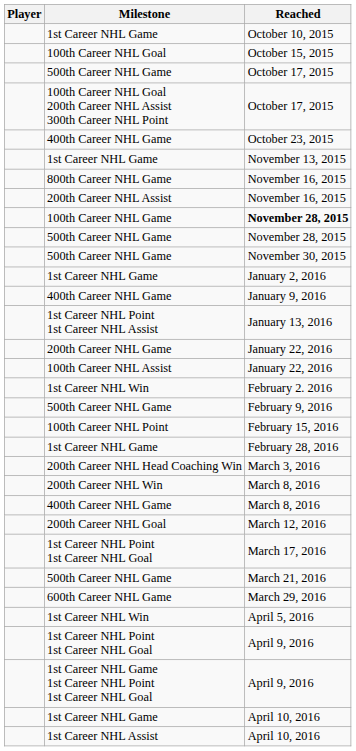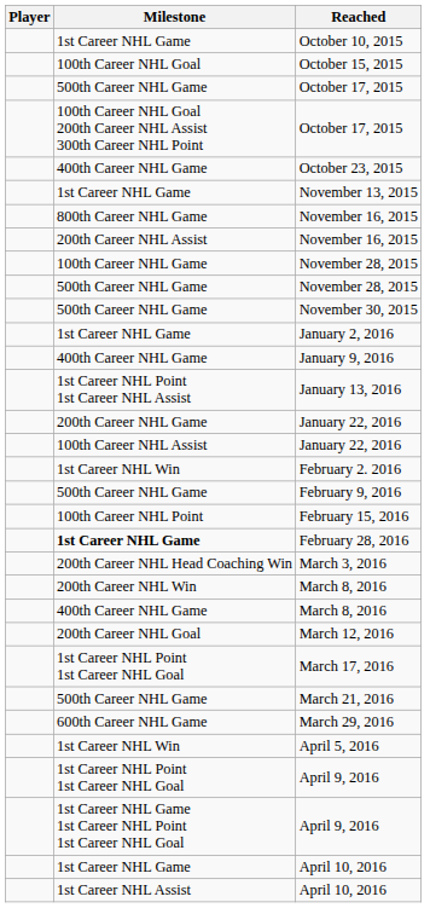 <table class="wikitable">
 <tr align=center>
 <th scope="col">Player</th>
 <th scope="col">Milestone</th>
 <th scope="col" data-sort-type="date">Reached</th>
 </tr>
 <tr>
 <td></td>
 <td>1st Career NHL Game</td>
 <td>October 10, 2015</td>
 </tr>
 <tr>
 <td></td>
 <td>100th Career NHL Goal</td>
 <td>October 15, 2015</td>
 </tr>
 <tr>
 <td></td>
 <td>500th Career NHL Game</td>
 <td>October 17, 2015</td>
 </tr>
 <tr>
 <td></td>
 <td>100th Career NHL Goal<br>200th Career NHL Assist<br>300th Career NHL Point</td>
 <td>October 17, 2015</td>
 </tr>
 <tr>
 <td></td>
 <td>400th Career NHL Game</td>
 <td>October 23, 2015</td>
 </tr>
 <tr>
 <td></td>
 <td>1st Career NHL Game</td>
 <td>November 13, 2015</td>
 </tr>
 <tr>
 <td></td>
 <td>800th Career NHL Game</td>
 <td>November 16, 2015</td>
 </tr>
 <tr>
 <td></td>
 <td>200th Career NHL Assist</td>
 <td>November 16, 2015</td>
 </tr>
 <tr>
 <td></td>
 <td>100th Career NHL Game</td>
-<td><strong>November 28, 2015</strong></td>
+<td>November 28, 2015</td>
 </tr>
 <tr>
 <td></td>
 <td>500th Career NHL Game</td>
 <td>November 28, 2015</td>
 </tr>
 <tr>
 <td></td>
 <td>500th Career NHL Game</td>
 <td>November 30, 2015</td>
 </tr>
 <tr>
 <td></td>
 <td>1st Career NHL Game</td>
 <td>January 2, 2016</td>
 </tr>
 <tr>
 <td></td>
 <td>400th Career NHL Game</td>
 <td>January 9, 2016</td>
 </tr>
 <tr>
 <td></td>
 <td>1st Career NHL Point<br>1st Career NHL Assist</td>
 <td>January 13, 2016</td>
 </tr>
 <tr>
 <td></td>
 <td>200th Career NHL Game</td>
 <td>January 22, 2016</td>
 </tr>
 <tr>
 <td></td>
 <td>100th Career NHL Assist</td>
 <td>January 22, 2016</td>
 </tr>
 <tr>
 <td></td>
 <td>1st Career NHL Win</td>
 <td>February 2. 2016</td>
 </tr>
 <tr>
 <td></td>
 <td>500th Career NHL Game</td>
 <td>February 9, 2016</td>
 </tr>
 <tr>
 <td></td>
 <td>100th Career NHL Point</td>
 <td>February 15, 2016</td>
 </tr>
 <tr>
 <td></td>
-<td>1st Career NHL Game</td>
+<td><strong>1st Career NHL Game</strong></td>
 <td>February 28, 2016</td>
 </tr>
 <tr>
 <td></td>
 <td>200th Career NHL Head Coaching Win</td>
 <td>March 3, 2016</td>
 </tr>
 <tr>
 <td></td>
 <td>200th Career NHL Win</td>
 <td>March 8, 2016</td>
 </tr>
 <tr>
 <td></td>
 <td>400th Career NHL Game</td>
 <td>March 8, 2016</td>
 </tr>
 <tr>
 <td></td>
 <td>200th Career NHL Goal</td>
 <td>March 12, 2016</td>
 </tr>
 <tr>
 <td></td>
 <td>1st Career NHL Point<br>1st Career NHL Goal</td>
 <td>March 17, 2016</td>
 </tr>
 <tr>
 <td></td>
 <td>500th Career NHL Game</td>
 <td>March 21, 2016</td>
 </tr>
 <tr>
 <td></td>
 <td>600th Career NHL Game</td>
 <td>March 29, 2016</td>
 </tr>
 <tr>
 <td></td>
 <td>1st Career NHL Win</td>
 <td>April 5, 2016</td>
 </tr>
 <tr>
 <td></td>
 <td>1st Career NHL Point<br>1st Career NHL Goal</td>
 <td>April 9, 2016</td>
 </tr>
 <tr>
 <td></td>
 <td>1st Career NHL Game<br>1st Career NHL Point<br>1st Career NHL Goal</td>
 <td>April 9, 2016</td>
 </tr>
 <tr>
 <td></td>
 <td>1st Career NHL Game</td>
 <td>April 10, 2016</td>
 </tr>
 <tr>
 <td></td>
 <td>1st Career NHL Assist</td>
 <td>April 10, 2016</td>
 </tr>
 </table>
